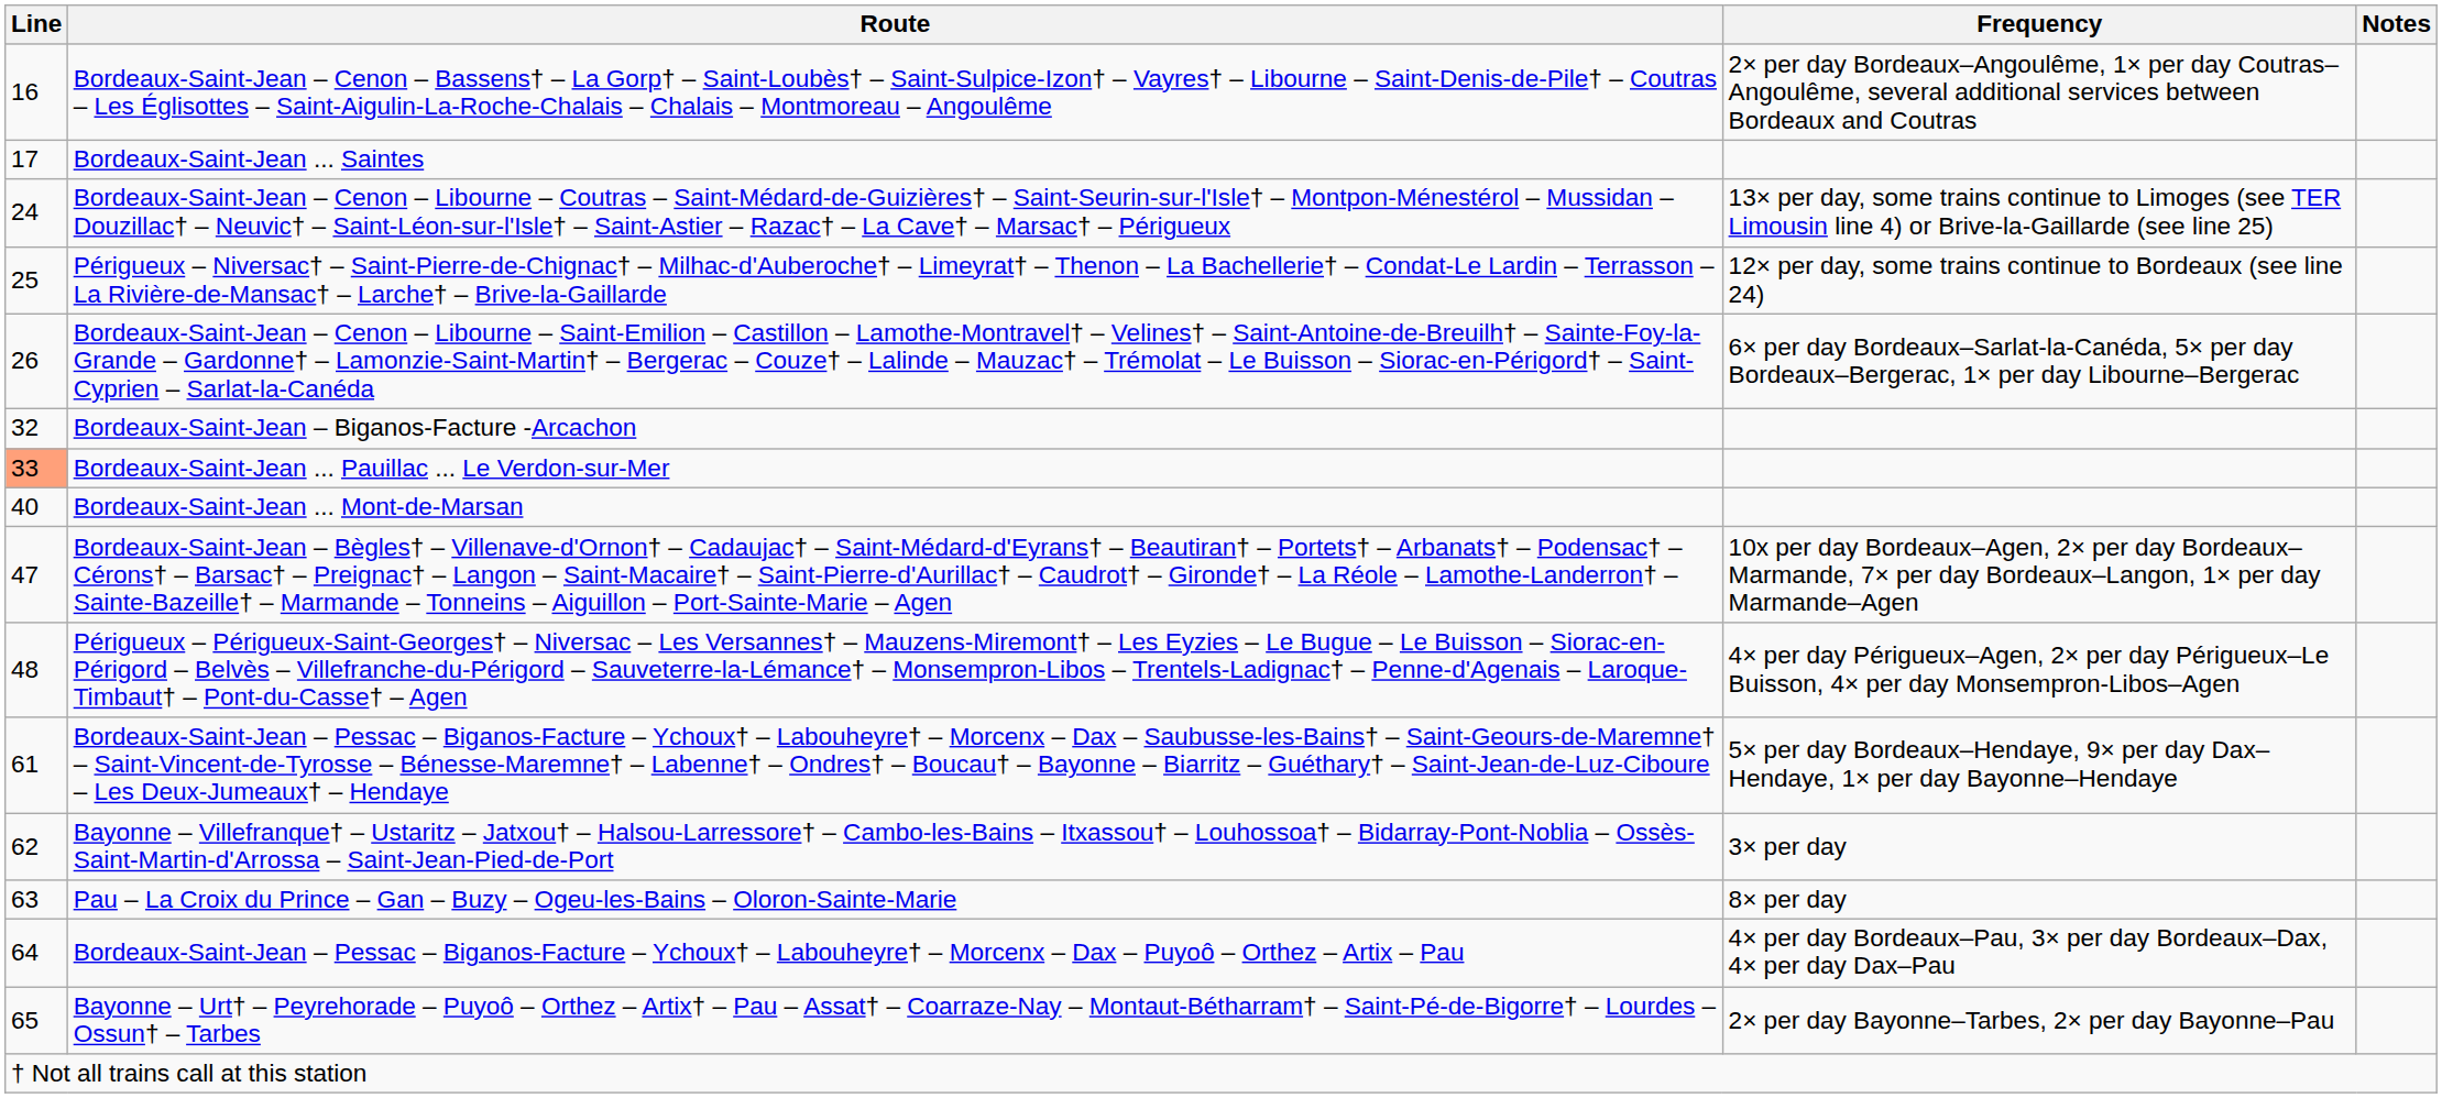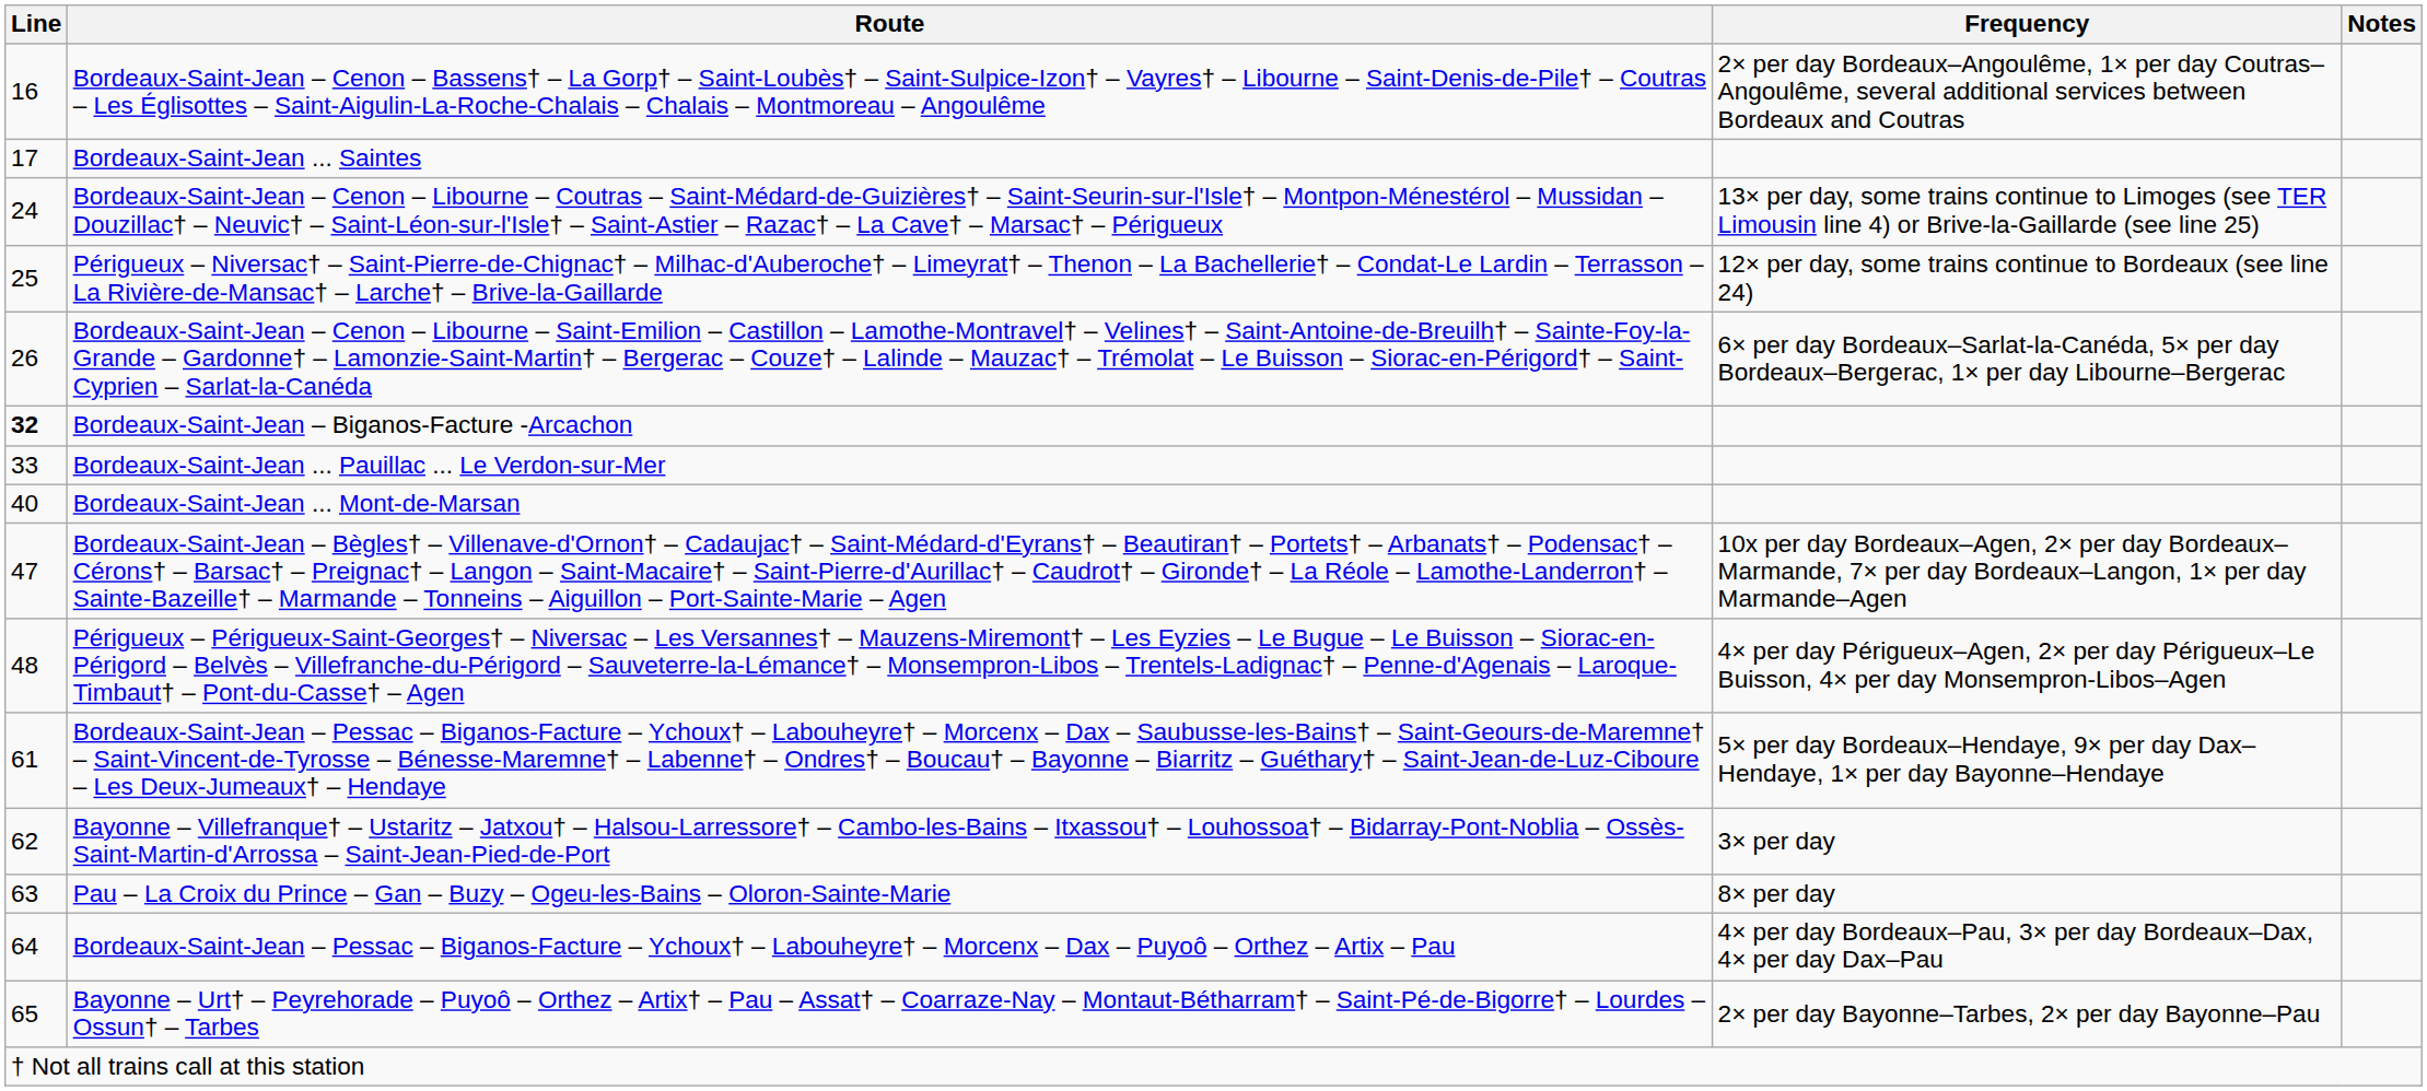 <table class="wikitable vatop">
 <tr>
 <th>Line</th>
 <th>Route</th>
 <th>Frequency</th>
 <th>Notes</th>
 </tr>
 <tr>
 <td>16</td>
 <td><a href='#'>Bordeaux-Saint-Jean</a> – <a href='#'>Cenon</a> – <a href='#'>Bassens</a>† – <a href='#'>La Gorp</a>† – <a href='#'>Saint-Loubès</a>† – <a href='#'>Saint-Sulpice-Izon</a>† – <a href='#'>Vayres</a>† – <a href='#'>Libourne</a> – <a href='#'>Saint-Denis-de-Pile</a>† – <a href='#'>Coutras</a> – <a href='#'>Les Églisottes</a> – <a href='#'>Saint-Aigulin-La-Roche-Chalais</a> – <a href='#'>Chalais</a> – <a href='#'>Montmoreau</a> – <a href='#'>Angoulême</a></td>
 <td>2× per day Bordeaux–Angoulême, 1× per day Coutras–Angoulême, several additional services between Bordeaux and Coutras</td>
 <td></td>
 </tr>
 <tr>
 <td>17</td>
 <td><a href='#'>Bordeaux-Saint-Jean</a> ... <a href='#'>Saintes</a></td>
 <td></td>
 <td></td>
 </tr>
 <tr>
 <td>24</td>
 <td><a href='#'>Bordeaux-Saint-Jean</a> – <a href='#'>Cenon</a> – <a href='#'>Libourne</a> – <a href='#'>Coutras</a> – <a href='#'>Saint-Médard-de-Guizières</a>† – <a href='#'>Saint-Seurin-sur-l'Isle</a>† – <a href='#'>Montpon-Ménestérol</a> – <a href='#'>Mussidan</a> – <a href='#'>Douzillac</a>† – <a href='#'>Neuvic</a>† – <a href='#'>Saint-Léon-sur-l'Isle</a>† – <a href='#'>Saint-Astier</a> – <a href='#'>Razac</a>† – <a href='#'>La Cave</a>† – <a href='#'>Marsac</a>† – <a href='#'>Périgueux</a></td>
 <td>13× per day, some trains continue to Limoges (see <a href='#'>TER Limousin</a> line 4) or Brive-la-Gaillarde (see line 25)</td>
 <td></td>
 </tr>
 <tr>
 <td>25</td>
 <td><a href='#'>Périgueux</a> – <a href='#'>Niversac</a>† – <a href='#'>Saint-Pierre-de-Chignac</a>† – <a href='#'>Milhac-d'Auberoche</a>† – <a href='#'>Limeyrat</a>† – <a href='#'>Thenon</a> – <a href='#'>La Bachellerie</a>† – <a href='#'>Condat-Le Lardin</a> – <a href='#'>Terrasson</a> – <a href='#'>La Rivière-de-Mansac</a>† – <a href='#'>Larche</a>† – <a href='#'>Brive-la-Gaillarde</a></td>
 <td>12× per day, some trains continue to Bordeaux (see line 24)</td>
 <td></td>
 </tr>
 <tr>
 <td>26</td>
 <td><a href='#'>Bordeaux-Saint-Jean</a> – <a href='#'>Cenon</a> – <a href='#'>Libourne</a> – <a href='#'>Saint-Emilion</a> – <a href='#'>Castillon</a> – <a href='#'>Lamothe-Montravel</a>† – <a href='#'>Velines</a>† – <a href='#'>Saint-Antoine-de-Breuilh</a>† – <a href='#'>Sainte-Foy-la-Grande</a> – <a href='#'>Gardonne</a>† – <a href='#'>Lamonzie-Saint-Martin</a>† – <a href='#'>Bergerac</a> – <a href='#'>Couze</a>† – <a href='#'>Lalinde</a> – <a href='#'>Mauzac</a>† – <a href='#'>Trémolat</a> – <a href='#'>Le Buisson</a> – <a href='#'>Siorac-en-Périgord</a>† – <a href='#'>Saint-Cyprien</a> – <a href='#'>Sarlat-la-Canéda</a></td>
 <td>6× per day Bordeaux–Sarlat-la-Canéda, 5× per day Bordeaux–Bergerac, 1× per day Libourne–Bergerac</td>
 <td></td>
 </tr>
 <tr>
-<td>32</td>
+<td><strong>32</strong></td>
 <td><a href='#'>Bordeaux-Saint-Jean</a> – Biganos-Facture -<a href='#'>Arcachon</a></td>
 <td></td>
 <td></td>
 </tr>
 <tr>
-<td style="background: lightsalmon;">33</td>
+<td>33</td>
 <td><a href='#'>Bordeaux-Saint-Jean</a> ... <a href='#'>Pauillac</a> ... <a href='#'>Le Verdon-sur-Mer</a></td>
 <td></td>
 <td></td>
 </tr>
 <tr>
 <td>40</td>
 <td><a href='#'>Bordeaux-Saint-Jean</a> ... <a href='#'>Mont-de-Marsan</a></td>
 <td></td>
 <td></td>
 </tr>
 <tr>
 <td>47</td>
 <td><a href='#'>Bordeaux-Saint-Jean</a> – <a href='#'>Bègles</a>† – <a href='#'>Villenave-d'Ornon</a>† – <a href='#'>Cadaujac</a>† – <a href='#'>Saint-Médard-d'Eyrans</a>† – <a href='#'>Beautiran</a>† – <a href='#'>Portets</a>† – <a href='#'>Arbanats</a>† – <a href='#'>Podensac</a>† – <a href='#'>Cérons</a>† – <a href='#'>Barsac</a>† – <a href='#'>Preignac</a>† – <a href='#'>Langon</a> – <a href='#'>Saint-Macaire</a>† – <a href='#'>Saint-Pierre-d'Aurillac</a>† – <a href='#'>Caudrot</a>† – <a href='#'>Gironde</a>† – <a href='#'>La Réole</a> – <a href='#'>Lamothe-Landerron</a>† – <a href='#'>Sainte-Bazeille</a>† – <a href='#'>Marmande</a> – <a href='#'>Tonneins</a> – <a href='#'>Aiguillon</a> – <a href='#'>Port-Sainte-Marie</a> – <a href='#'>Agen</a></td>
 <td>10x per day Bordeaux–Agen, 2× per day Bordeaux–Marmande, 7× per day Bordeaux–Langon, 1× per day Marmande–Agen</td>
 <td></td>
 </tr>
 <tr>
 <td>48</td>
 <td><a href='#'>Périgueux</a> – <a href='#'>Périgueux-Saint-Georges</a>† – <a href='#'>Niversac</a> – <a href='#'>Les Versannes</a>† – <a href='#'>Mauzens-Miremont</a>† – <a href='#'>Les Eyzies</a> – <a href='#'>Le Bugue</a> – <a href='#'>Le Buisson</a> – <a href='#'>Siorac-en-Périgord</a> – <a href='#'>Belvès</a> – <a href='#'>Villefranche-du-Périgord</a> – <a href='#'>Sauveterre-la-Lémance</a>† – <a href='#'>Monsempron-Libos</a> – <a href='#'>Trentels-Ladignac</a>† – <a href='#'>Penne-d'Agenais</a> – <a href='#'>Laroque-Timbaut</a>† – <a href='#'>Pont-du-Casse</a>† – <a href='#'>Agen</a></td>
 <td>4× per day Périgueux–Agen, 2× per day Périgueux–Le Buisson, 4× per day Monsempron-Libos–Agen</td>
 <td></td>
 </tr>
 <tr>
 <td>61</td>
 <td><a href='#'>Bordeaux-Saint-Jean</a> – <a href='#'>Pessac</a> – <a href='#'>Biganos-Facture</a> – <a href='#'>Ychoux</a>† – <a href='#'>Labouheyre</a>† – <a href='#'>Morcenx</a> – <a href='#'>Dax</a> – <a href='#'>Saubusse-les-Bains</a>† – <a href='#'>Saint-Geours-de-Maremne</a>† – <a href='#'>Saint-Vincent-de-Tyrosse</a> – <a href='#'>Bénesse-Maremne</a>† – <a href='#'>Labenne</a>† – <a href='#'>Ondres</a>† – <a href='#'>Boucau</a>† – <a href='#'>Bayonne</a>  – <a href='#'>Biarritz</a> – <a href='#'>Guéthary</a>† – <a href='#'>Saint-Jean-de-Luz-Ciboure</a> – <a href='#'>Les Deux-Jumeaux</a>† – <a href='#'>Hendaye</a></td>
 <td>5× per day Bordeaux–Hendaye, 9× per day Dax–Hendaye, 1× per day Bayonne–Hendaye</td>
 <td></td>
 </tr>
 <tr>
 <td>62</td>
 <td><a href='#'>Bayonne</a> – <a href='#'>Villefranque</a>† – <a href='#'>Ustaritz</a> – <a href='#'>Jatxou</a>† – <a href='#'>Halsou-Larressore</a>† – <a href='#'>Cambo-les-Bains</a> – <a href='#'>Itxassou</a>† – <a href='#'>Louhossoa</a>† – <a href='#'>Bidarray-Pont-Noblia</a> – <a href='#'>Ossès-Saint-Martin-d'Arrossa</a> – <a href='#'>Saint-Jean-Pied-de-Port</a></td>
 <td>3× per day</td>
 <td></td>
 </tr>
 <tr>
 <td>63</td>
 <td><a href='#'>Pau</a> – <a href='#'>La Croix du Prince</a> – <a href='#'>Gan</a> – <a href='#'>Buzy</a> – <a href='#'>Ogeu-les-Bains</a> – <a href='#'>Oloron-Sainte-Marie</a></td>
 <td>8× per day</td>
 <td></td>
 </tr>
 <tr>
 <td>64</td>
 <td><a href='#'>Bordeaux-Saint-Jean</a> – <a href='#'>Pessac</a> – <a href='#'>Biganos-Facture</a> – <a href='#'>Ychoux</a>† – <a href='#'>Labouheyre</a>† – <a href='#'>Morcenx</a> – <a href='#'>Dax</a> – <a href='#'>Puyoô</a> – <a href='#'>Orthez</a> – <a href='#'>Artix</a> – <a href='#'>Pau</a></td>
 <td>4× per day Bordeaux–Pau, 3× per day Bordeaux–Dax, 4× per day Dax–Pau</td>
 <td></td>
 </tr>
 <tr>
 <td>65</td>
 <td><a href='#'>Bayonne</a> – <a href='#'>Urt</a>† – <a href='#'>Peyrehorade</a> – <a href='#'>Puyoô</a> – <a href='#'>Orthez</a> – <a href='#'>Artix</a>† – <a href='#'>Pau</a> – <a href='#'>Assat</a>† – <a href='#'>Coarraze-Nay</a> – <a href='#'>Montaut-Bétharram</a>† – <a href='#'>Saint-Pé-de-Bigorre</a>† – <a href='#'>Lourdes</a> – <a href='#'>Ossun</a>† – <a href='#'>Tarbes</a></td>
 <td>2× per day Bayonne–Tarbes, 2× per day Bayonne–Pau</td>
 <td></td>
 </tr>
 <tr>
 <td colspan=4>† Not all trains call at this station</td>
 </tr>
 </table>
